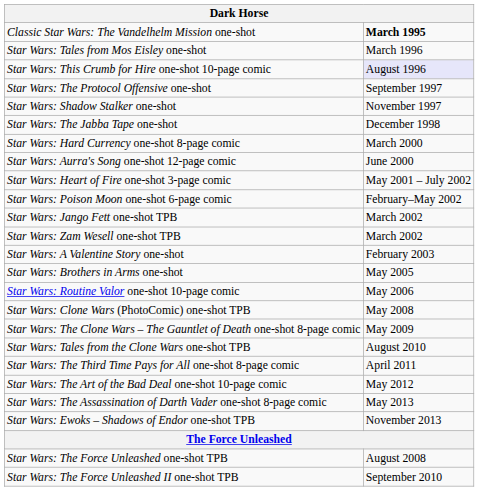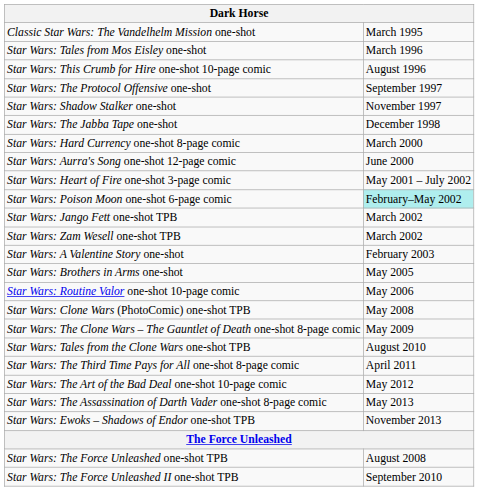 <table class="wikitable">
 <tr>
 <th colspan="2">Dark Horse</th>
 </tr>
 <tr>
 <td><em>Classic Star Wars: The Vandelhelm Mission</em> one-shot</td>
-<td><strong>March 1995</strong></td>
+<td>March 1995</td>
 </tr>
 <tr>
 <td><em>Star Wars: Tales from Mos Eisley</em> one-shot</td>
 <td>March 1996</td>
 </tr>
 <tr>
 <td><em>Star Wars: This Crumb for Hire</em> one-shot 10-page comic</td>
-<td style="background: lavender;">August 1996</td>
+<td>August 1996</td>
 </tr>
 <tr>
 <td><em>Star Wars: The Protocol Offensive</em> one-shot</td>
 <td>September 1997</td>
 </tr>
 <tr>
 <td><em>Star Wars: Shadow Stalker</em> one-shot</td>
 <td>November 1997</td>
 </tr>
 <tr>
 <td><em>Star Wars: The Jabba Tape</em> one-shot</td>
 <td>December 1998</td>
 </tr>
 <tr>
 <td><em>Star Wars: Hard Currency</em> one-shot 8-page comic</td>
 <td>March 2000</td>
 </tr>
 <tr>
 <td><em>Star Wars: Aurra's Song</em> one-shot 12-page comic</td>
 <td>June 2000</td>
 </tr>
 <tr>
 <td><em>Star Wars: Heart of Fire</em> one-shot 3-page comic</td>
 <td>May 2001 – July 2002</td>
 </tr>
 <tr>
 <td><em>Star Wars: Poison Moon</em> one-shot 6-page comic</td>
-<td>February–May 2002</td>
+<td style="background: paleturquoise;">February–May 2002</td>
 </tr>
 <tr>
 <td><em>Star Wars: Jango Fett</em> one-shot TPB</td>
 <td>March 2002</td>
 </tr>
 <tr>
 <td><em>Star Wars: Zam Wesell</em> one-shot TPB</td>
 <td>March 2002</td>
 </tr>
 <tr>
 <td><em>Star Wars: A Valentine Story</em> one-shot</td>
 <td>February 2003</td>
 </tr>
 <tr>
 <td><em>Star Wars: Brothers in Arms</em> one-shot</td>
 <td>May 2005</td>
 </tr>
 <tr>
 <td><em><a href='#'>Star Wars: Routine Valor</a></em> one-shot 10-page comic</td>
 <td>May 2006</td>
 </tr>
 <tr>
 <td><em>Star Wars: Clone Wars</em> (PhotoComic) one-shot TPB</td>
 <td>May 2008</td>
 </tr>
 <tr>
 <td><em>Star Wars: The Clone Wars – The Gauntlet of Death</em> one-shot 8-page comic</td>
 <td>May 2009</td>
 </tr>
 <tr>
 <td><em>Star Wars: Tales from the Clone Wars</em> one-shot TPB</td>
 <td>August 2010</td>
 </tr>
 <tr>
 <td><em>Star Wars: The Third Time Pays for All</em> one-shot 8-page comic</td>
 <td>April 2011</td>
 </tr>
 <tr>
 <td><em>Star Wars: The Art of the Bad Deal</em> one-shot 10-page comic</td>
 <td>May 2012</td>
 </tr>
 <tr>
 <td><em>Star Wars: The Assassination of Darth Vader</em> one-shot 8-page comic</td>
 <td>May 2013</td>
 </tr>
 <tr>
 <td><em>Star Wars: Ewoks – Shadows of Endor</em> one-shot TPB</td>
 <td>November 2013</td>
 </tr>
 <tr>
 <th colspan="2"><a href='#'>The Force Unleashed</a></th>
 </tr>
 <tr>
 <td><em>Star Wars: The Force Unleashed</em> one-shot TPB</td>
 <td>August 2008</td>
 </tr>
 <tr>
 <td><em>Star Wars: The Force Unleashed II</em> one-shot TPB</td>
 <td>September 2010</td>
 </tr>
 </table>
